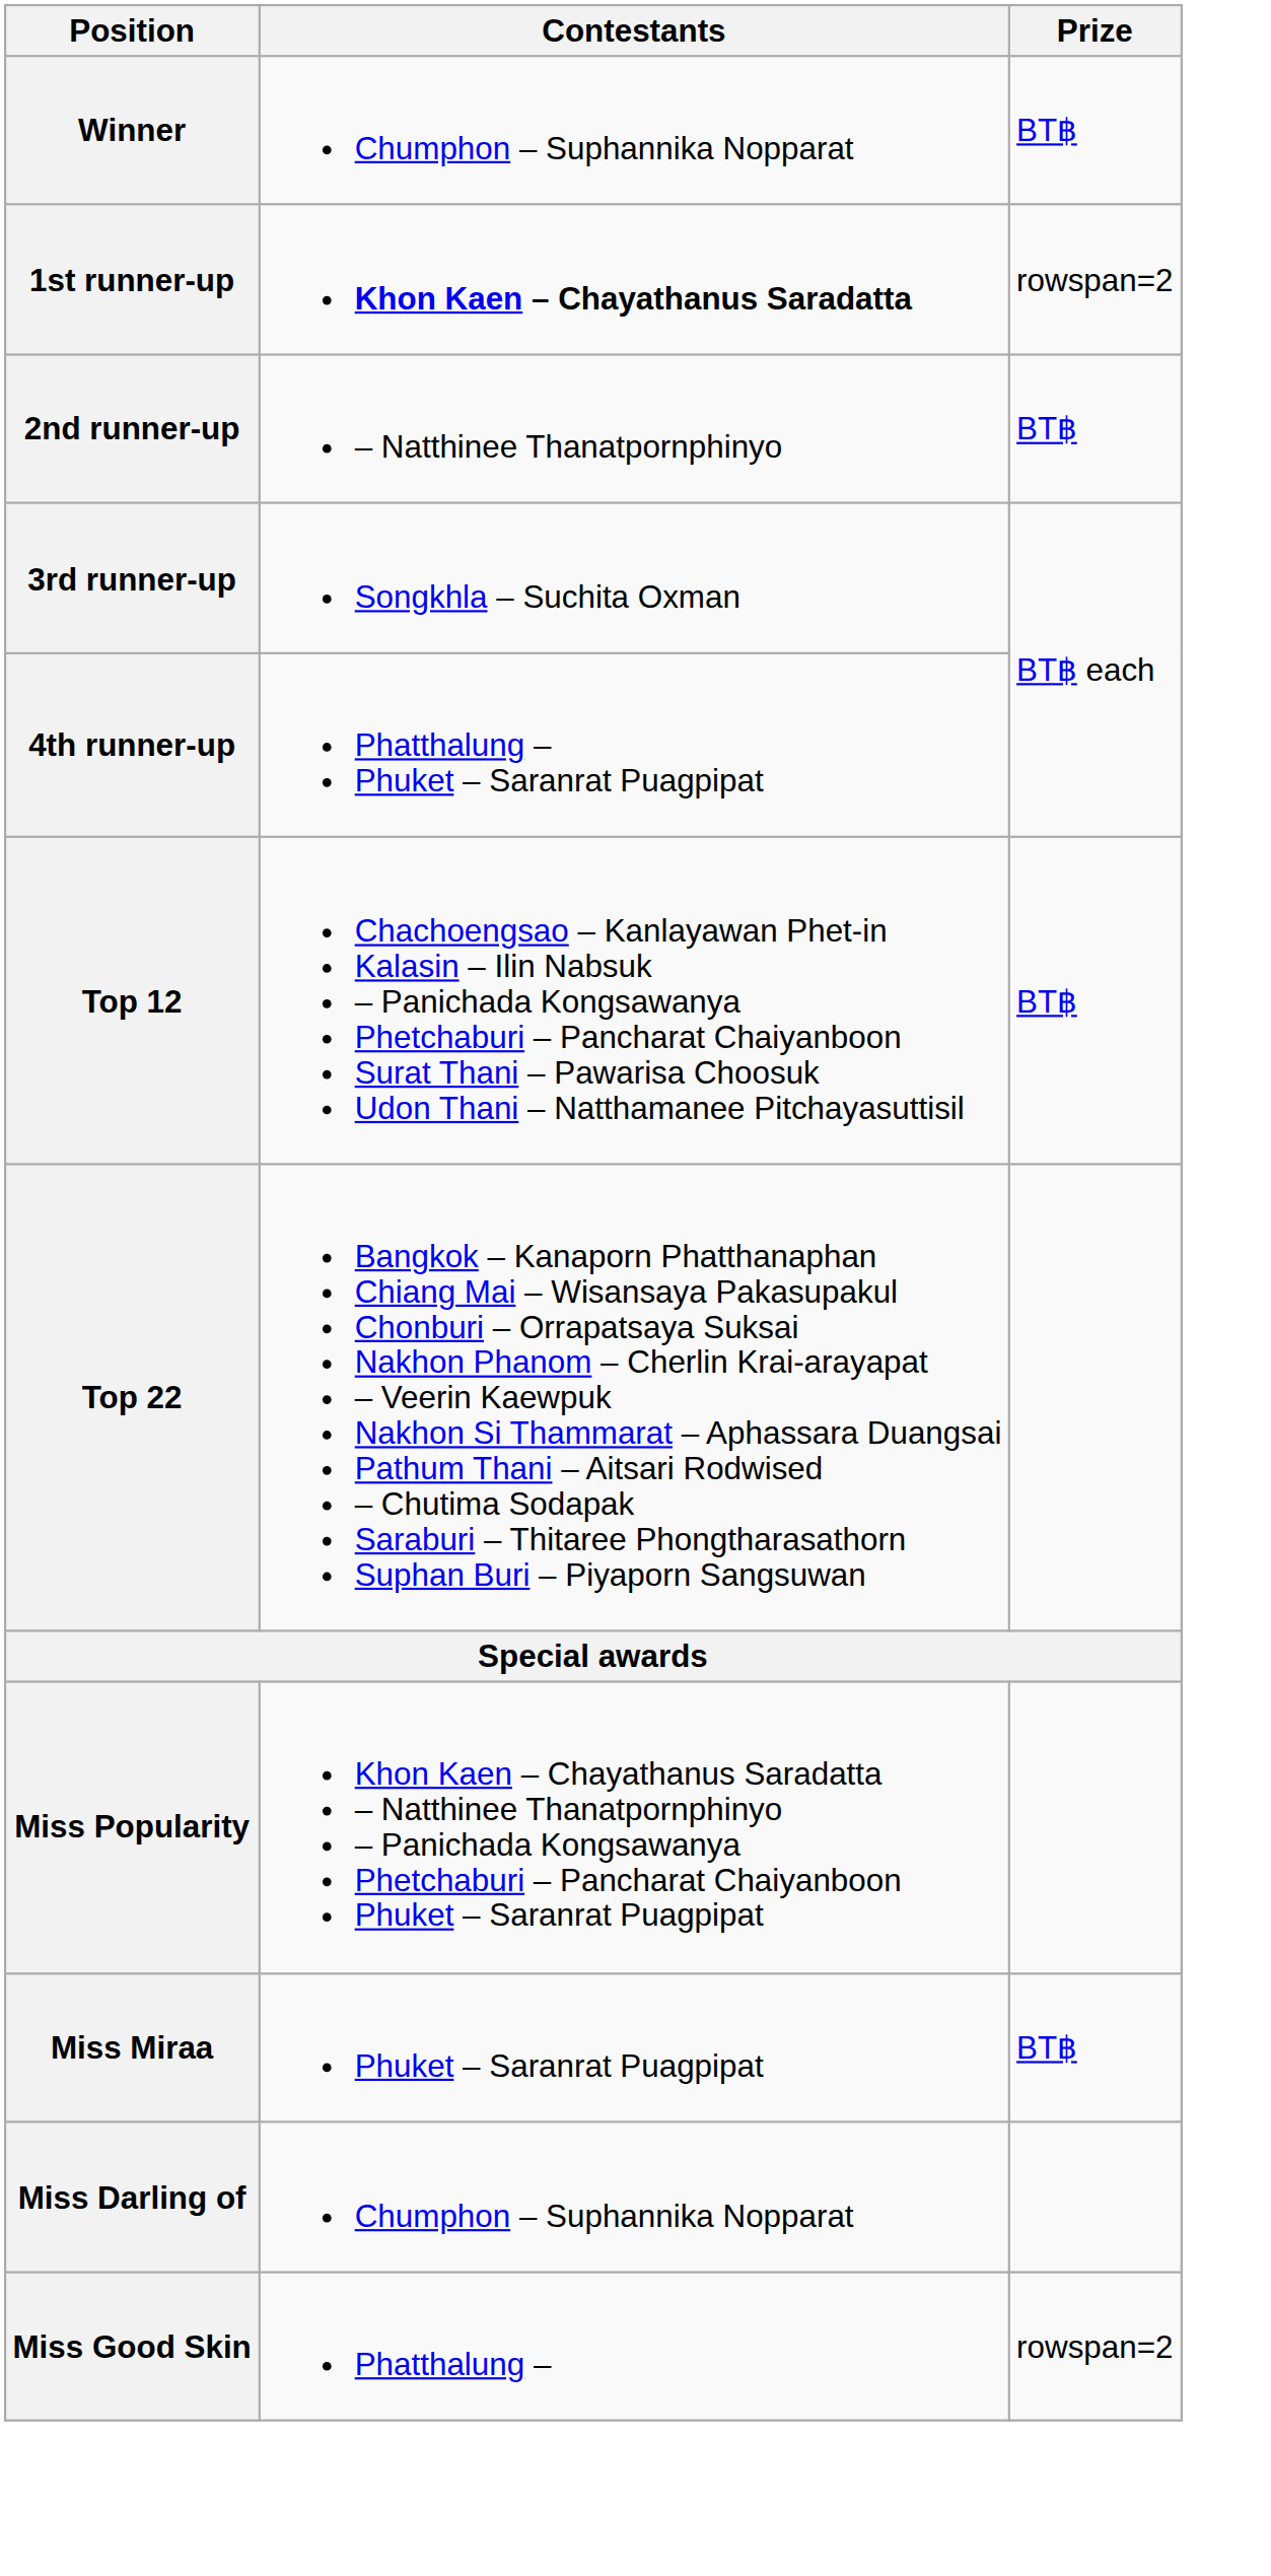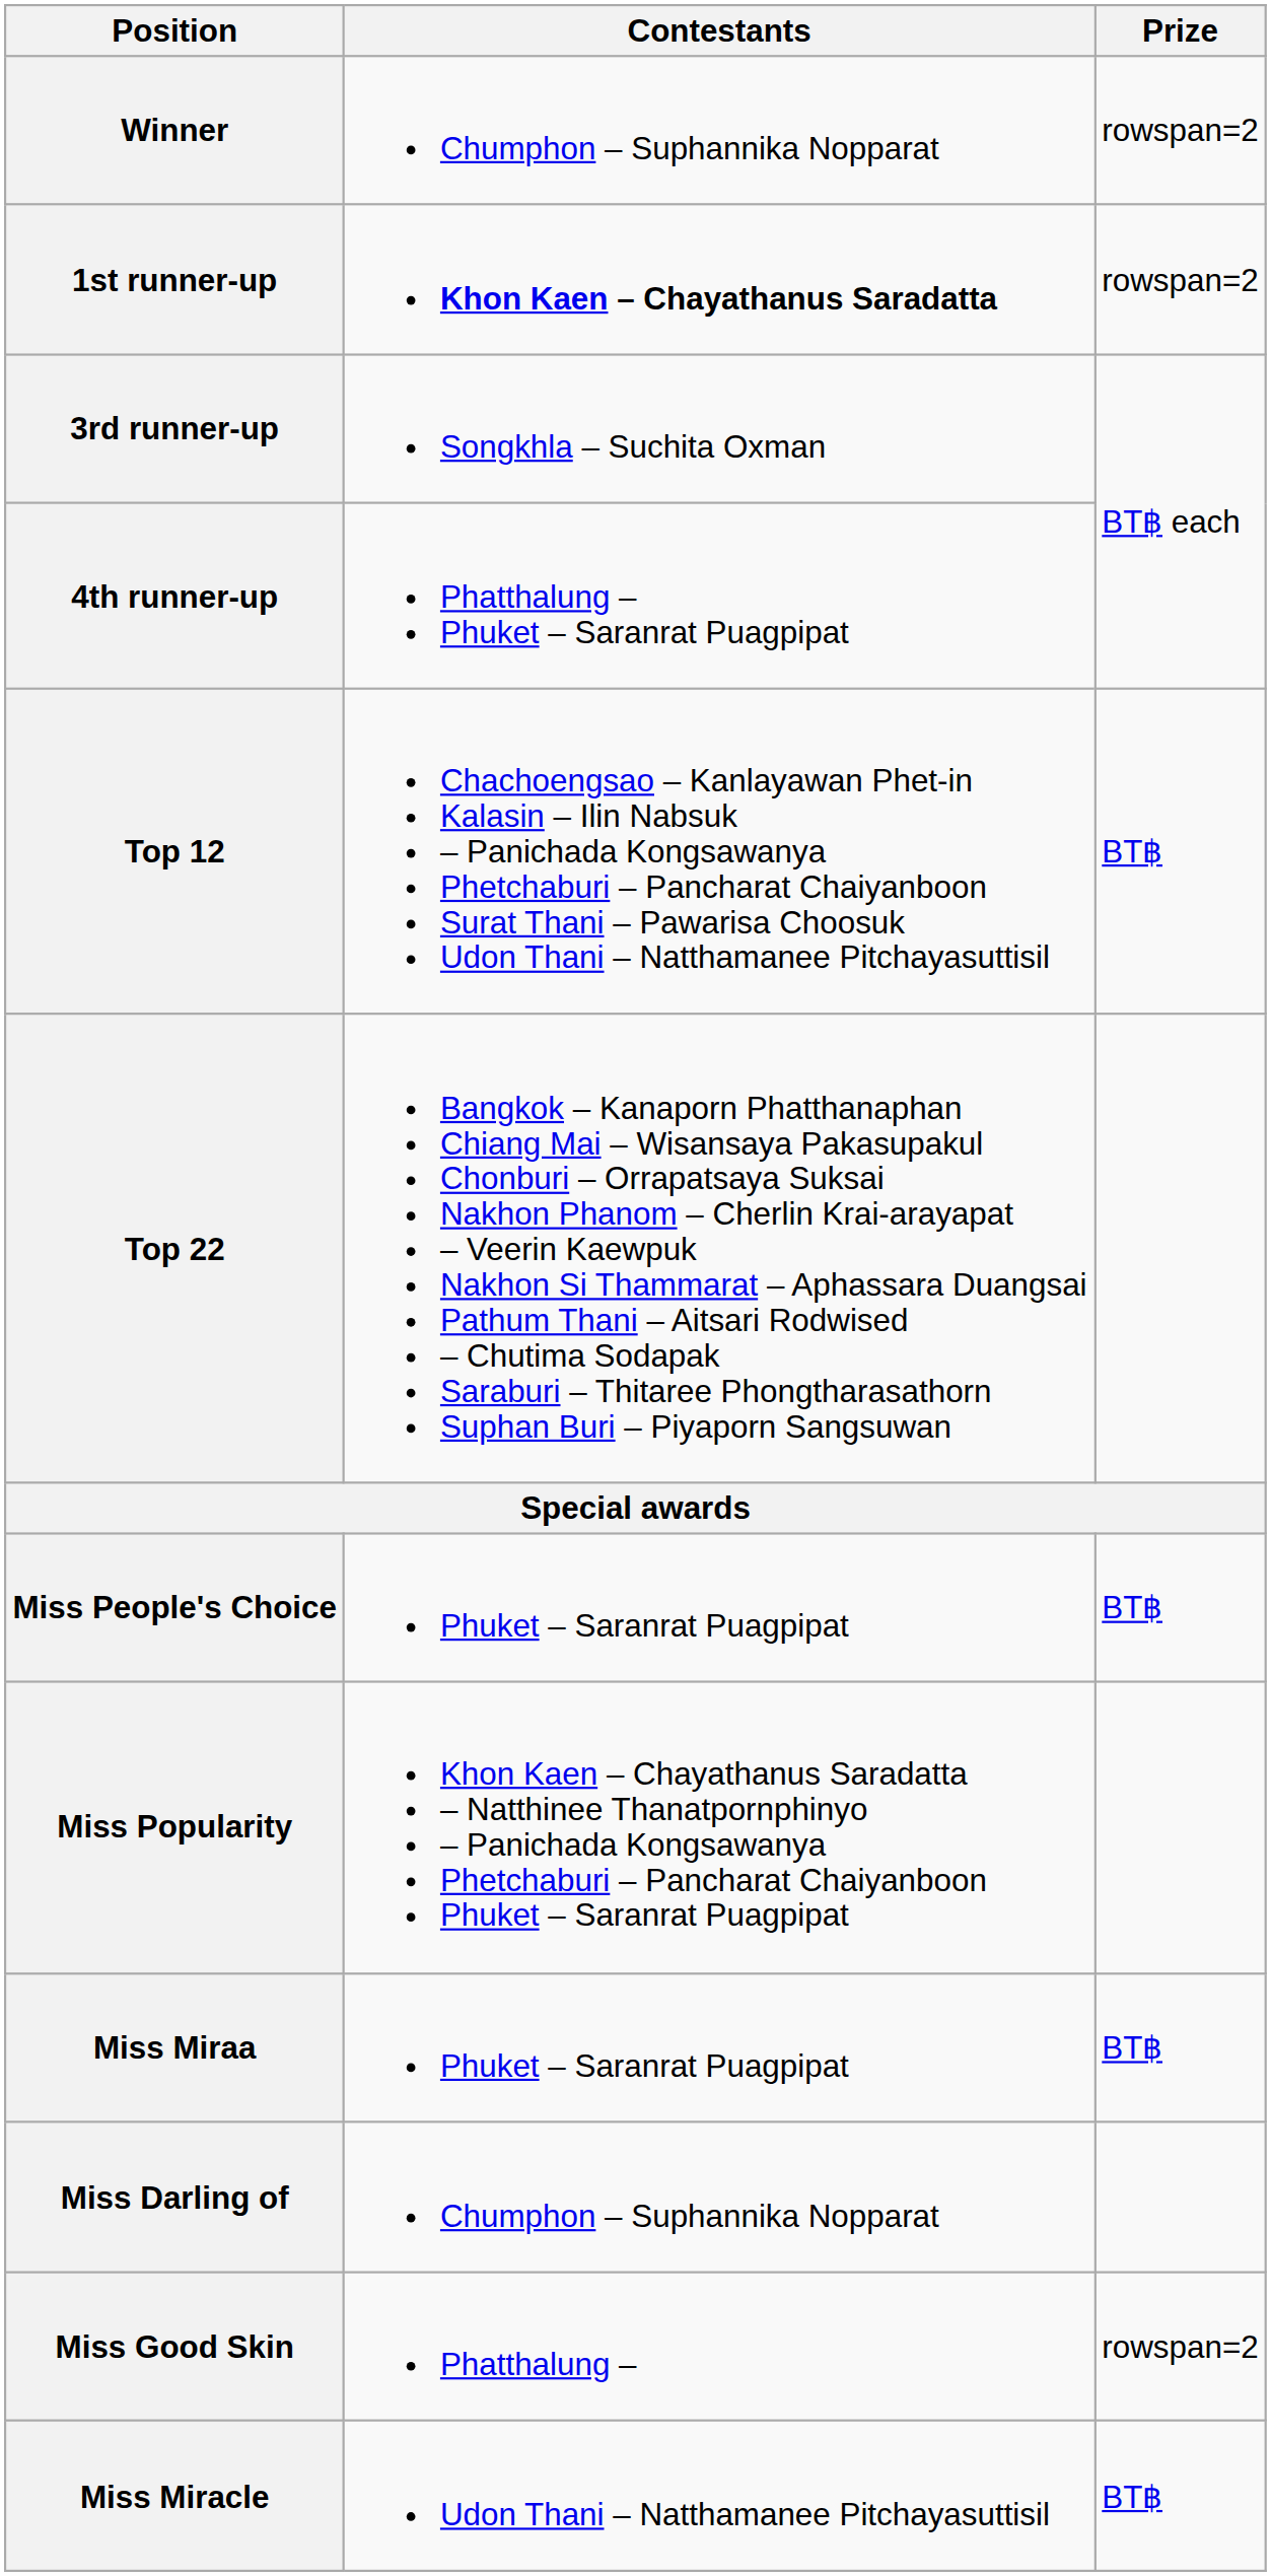 <table class="wikitable" style="font-size: 90%;">
 <tr>
 <th>Position</th>
 <th>Contestants</th>
 <th>Prize</th>
 </tr>
 <tr>
 <th>Winner</th>
 <td><br><ul><li><a href='#'>Chumphon</a> –	Suphannika Nopparat</li></ul></td>
-<td><a href='#'>BT฿</a></td>
+<td>rowspan=2 </td>
 </tr>
 <tr>
 <th>1st runner-up</th>
 <td><strong><br><ul><li><a href='#'>Khon Kaen</a> – Chayathanus Saradatta</li></ul></strong></td>
 <td>rowspan=2 </td>
-</tr>
-<tr>
-<th>2nd runner-up</th>
-<td><br><ul><li> – Natthinee Thanatpornphinyo</li></ul></td>
-<td><a href='#'>BT฿</a></td>
 </tr>
 <tr>
 <th>3rd runner-up</th>
 <td><br><ul><li><a href='#'>Songkhla</a> –	Suchita Oxman</li></ul></td>
 <td rowspan=2><a href='#'>BT฿</a> each</td>
 </tr>
 <tr>
 <th>4th runner-up</th>
 <td><br><ul><li><a href='#'>Phatthalung</a> – </li><li><a href='#'>Phuket</a> – Saranrat Puagpipat</li></ul></td>
 </tr>
 <tr>
 <th>Top 12</th>
 <td><br><ul><li><a href='#'>Chachoengsao</a> –	Kanlayawan Phet-in</li><li><a href='#'>Kalasin</a> – Ilin Nabsuk</li><li> – Panichada Kongsawanya</li><li><a href='#'>Phetchaburi</a> – Pancharat Chaiyanboon</li><li><a href='#'>Surat Thani</a> – Pawarisa Choosuk</li><li><a href='#'>Udon Thani</a> – Natthamanee Pitchayasuttisil</li></ul></td>
 <td><a href='#'>BT฿</a></td>
 </tr>
 <tr>
 <th>Top 22</th>
 <td><br><ul><li><a href='#'>Bangkok</a> – Kanaporn Phatthanaphan</li><li><a href='#'>Chiang Mai</a> –	Wisansaya Pakasupakul</li><li><a href='#'>Chonburi</a> –	Orrapatsaya Suksai</li><li><a href='#'>Nakhon Phanom</a> – Cherlin Krai-arayapat</li><li> – Veerin Kaewpuk</li><li><a href='#'>Nakhon Si Thammarat</a> – Aphassara Duangsai</li><li><a href='#'>Pathum Thani</a> –	Aitsari Rodwised</li><li> – Chutima Sodapak</li><li><a href='#'>Saraburi</a> –	Thitaree Phongtharasathorn</li><li><a href='#'>Suphan Buri</a> – Piyaporn Sangsuwan</li></ul></td>
 </tr>
 <tr>
 <th colspan=3>Special awards</th>
 </tr>
 <tr>
+<th>Miss People's Choice</th>
+<td><br><ul><li><a href='#'>Phuket</a> – Saranrat Puagpipat</li></ul></td>
+<td><a href='#'>BT฿</a></td>
+</tr>
+<tr>
 <th>Miss Popularity</th>
 <td><br><ul><li><a href='#'>Khon Kaen</a> – Chayathanus Saradatta</li><li> – Natthinee Thanatpornphinyo</li><li> – Panichada Kongsawanya</li><li><a href='#'>Phetchaburi</a> – Pancharat Chaiyanboon</li><li><a href='#'>Phuket</a> – Saranrat Puagpipat</li></ul></td>
 <td></td>
 </tr>
 <tr>
 <th>Miss Miraa</th>
 <td><br><ul><li><a href='#'>Phuket</a> – Saranrat Puagpipat</li></ul></td>
 <td><a href='#'>BT฿</a></td>
 </tr>
 <tr>
 <th>Miss Darling of<br></th>
 <td><br><ul><li><a href='#'>Chumphon</a> –	Suphannika Nopparat</li></ul></td>
 <td></td>
 </tr>
 <tr>
 <th>Miss Good Skin</th>
 <td><br><ul><li><a href='#'>Phatthalung</a> – </li></ul></td>
 <td>rowspan=2 </td>
 </tr>
+<tr>
+<th>Miss Miracle</th>
+<td><br><ul><li><a href='#'>Udon Thani</a> – Natthamanee Pitchayasuttisil</li></ul></td>
+<td><a href='#'>BT฿</a></td>
+</tr>
 </table>
